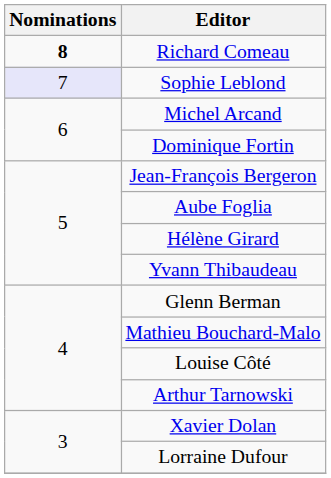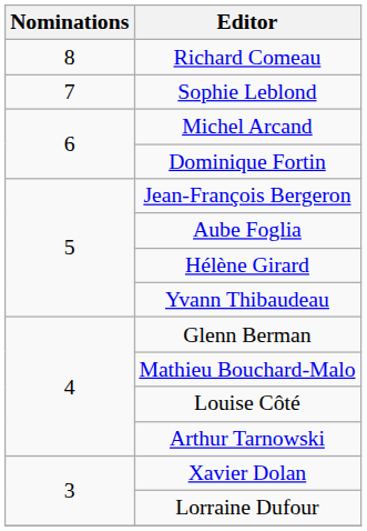 <table class="wikitable" style="text-align:center;">
 <tr>
 <th scope="col" width="10">Nominations</th>
 <th scope="col" align="center">Editor</th>
 </tr>
 <tr>
-<td rowspan="1" style="text-align:center;"><strong>8</strong></td>
+<td rowspan="1" style="text-align:center;">8</td>
 <td><a href='#'>Richard Comeau</a></td>
 </tr>
 <tr>
-<td rowspan="1" style="background: lavender; text-align:center;">7</td>
+<td rowspan="1" style="text-align:center;">7</td>
 <td><a href='#'>Sophie Leblond</a></td>
 </tr>
 <tr>
 <td rowspan="2" style="text-align:center;">6</td>
 <td><a href='#'>Michel Arcand</a></td>
 </tr>
 <tr>
 <td><a href='#'>Dominique Fortin</a></td>
 </tr>
 <tr>
 <td rowspan="4" style="text-align:center;">5</td>
 <td><a href='#'>Jean-François Bergeron</a></td>
 </tr>
 <tr>
 <td><a href='#'>Aube Foglia</a></td>
 </tr>
 <tr>
 <td><a href='#'>Hélène Girard</a></td>
 </tr>
 <tr>
 <td><a href='#'>Yvann Thibaudeau</a></td>
 </tr>
 <tr>
 <td rowspan="4" style="text-align:center;">4</td>
 <td>Glenn Berman</td>
 </tr>
 <tr>
 <td><a href='#'>Mathieu Bouchard-Malo</a></td>
 </tr>
 <tr>
 <td>Louise Côté</td>
 </tr>
 <tr>
 <td><a href='#'>Arthur Tarnowski</a></td>
 </tr>
 <tr>
 <td rowspan="2" style="text-align:center;">3</td>
 <td><a href='#'>Xavier Dolan</a></td>
 </tr>
 <tr>
 <td>Lorraine Dufour</td>
 </tr>
 <tr>
 </tr>
 </table>
